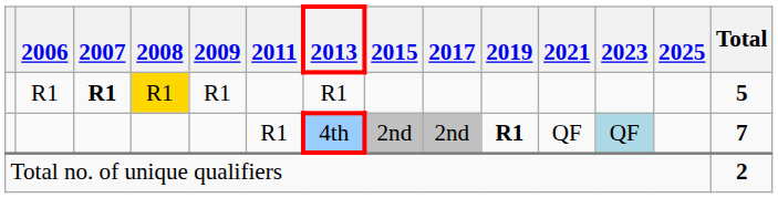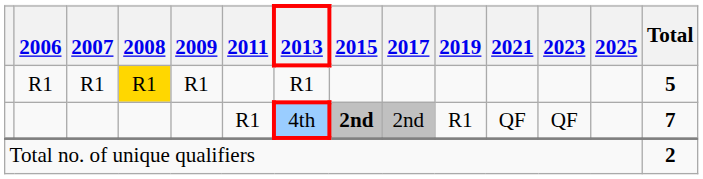 <table class="wikitable" style="text-align:center">
 <tr>
 <th></th>
 <th><br><a href='#'>2006</a></th>
 <th><br><a href='#'>2007</a></th>
 <th><br><a href='#'>2008</a></th>
 <th><br><a href='#'>2009</a></th>
 <th><br><a href='#'>2011</a></th>
 <th style="border:3px solid red"><br><a href='#'>2013</a></th>
 <th><br><a href='#'>2015</a></th>
 <th><br><a href='#'>2017</a></th>
 <th><br><a href='#'>2019</a></th>
 <th><br><a href='#'>2021</a></th>
 <th><br><a href='#'>2023</a></th>
 <th><br><a href='#'>2025</a></th>
 <th>Total</th>
 </tr>
 <tr>
 <td align=left></td>
 <td>R1</td>
-<td><strong>R1</strong></td>
+<td>R1</td>
 <td style="background: gold;">R1</td>
 <td>R1</td>
 <td></td>
 <td>R1</td>
 <td></td>
 <td></td>
 <td></td>
 <td></td>
 <td></td>
 <td></td>
 <td><strong>5</strong></td>
 </tr>
 <tr>
 <td align=left></td>
 <td></td>
 <td></td>
 <td></td>
 <td></td>
 <td>R1</td>
 <td style="border: 3px solid red" bgcolor=#9acdff>4th</td>
+<td bgcolor=silver><strong>2nd</strong></td>
 <td bgcolor=silver>2nd</td>
-<td bgcolor=silver>2nd</td>
-<td><strong>R1</strong></td>
+<td>R1</td>
 <td>QF</td>
-<td style="background: lightblue;">QF</td>
+<td>QF</td>
 <td></td>
 <td><strong>7</strong></td>
 </tr>
 <tr style="border-top: 2.5px solid grey">
 <td align=left colspan=13>Total no. of unique qualifiers</td>
 <td><strong>2</strong></td>
 </tr>
 </table>
